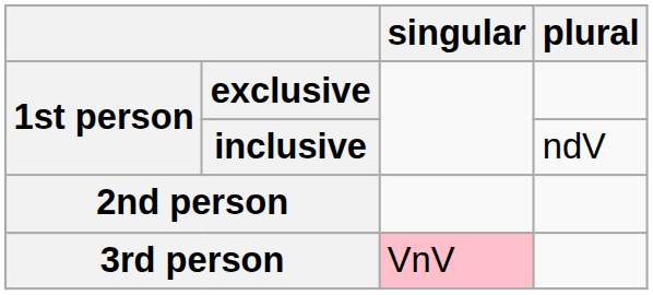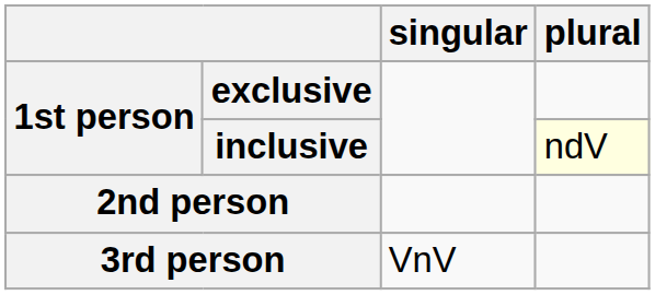 <table class="wikitable">
 <tr>
 <th colspan="2"></th>
 <th>singular</th>
 <th>plural</th>
 </tr>
 <tr>
 <th rowspan="2">1st person</th>
 <th>exclusive</th>
 <td rowspan="2"></td>
 <td></td>
 </tr>
 <tr>
 <th>inclusive</th>
-<td>ndV</td>
+<td style="background: lightyellow;">ndV</td>
 </tr>
 <tr>
 <th colspan="2">2nd person</th>
 <td></td>
 <td></td>
 </tr>
 <tr>
 <th colspan="2">3rd person</th>
-<td style="background: pink;">VnV</td>
+<td>VnV</td>
 <td></td>
 </tr>
 </table>
